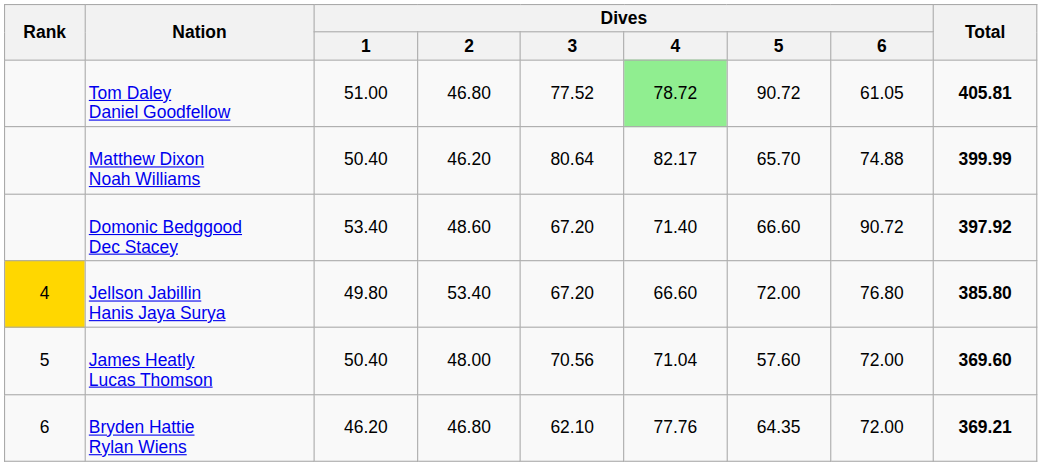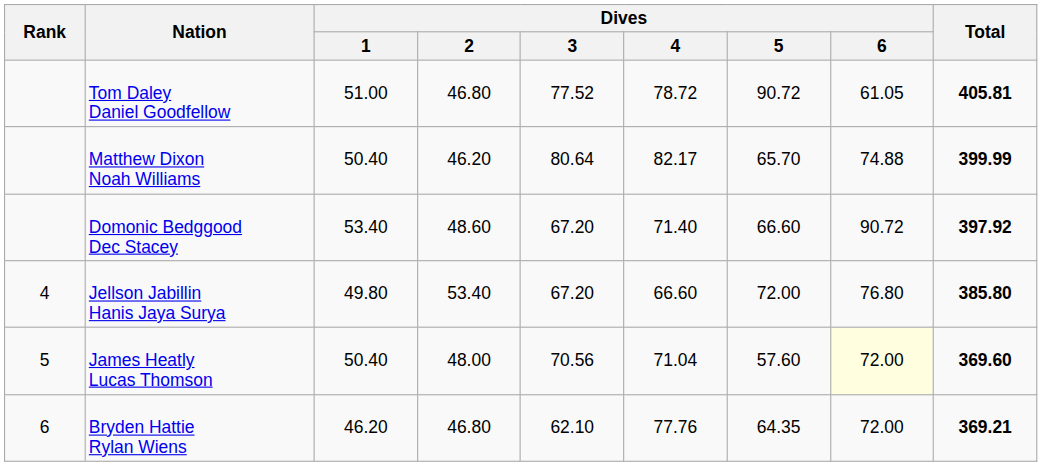 <table class="wikitable" width="75%">
 <tr>
 <th rowspan="2" width="7%">Rank</th>
 <th rowspan="2" width="20%">Nation</th>
 <th colspan="6">Dives</th>
 <th rowspan="2" width="9%">Total</th>
 </tr>
 <tr>
 <th width="9%">1</th>
 <th width="9%">2</th>
 <th width="9%">3</th>
 <th width="9%">4</th>
 <th width="9%">5</th>
 <th width="9%">6</th>
 </tr>
 <tr align=center>
 <td></td>
 <td align=left><br><a href='#'>Tom Daley</a><br><a href='#'>Daniel Goodfellow</a></td>
 <td>51.00</td>
 <td>46.80</td>
 <td>77.52</td>
-<td style="background: lightgreen;">78.72</td>
+<td>78.72</td>
 <td>90.72</td>
 <td>61.05</td>
 <td><strong>405.81</strong></td>
 </tr>
 <tr align=center>
 <td></td>
 <td align=left><br><a href='#'>Matthew Dixon</a><br><a href='#'>Noah Williams</a></td>
 <td>50.40</td>
 <td>46.20</td>
 <td>80.64</td>
 <td>82.17</td>
 <td>65.70</td>
 <td>74.88</td>
 <td><strong>399.99</strong></td>
 </tr>
 <tr align=center>
 <td></td>
 <td align=left><br><a href='#'>Domonic Bedggood</a><br><a href='#'>Dec Stacey</a></td>
 <td>53.40</td>
 <td>48.60</td>
 <td>67.20</td>
 <td>71.40</td>
 <td>66.60</td>
 <td>90.72</td>
 <td><strong>397.92</strong></td>
 </tr>
 <tr align=center>
-<td style="background: gold;">4</td>
+<td>4</td>
 <td align=left><br><a href='#'>Jellson Jabillin</a><br><a href='#'>Hanis Jaya Surya</a></td>
 <td>49.80</td>
 <td>53.40</td>
 <td>67.20</td>
 <td>66.60</td>
 <td>72.00</td>
 <td>76.80</td>
 <td><strong>385.80</strong></td>
 </tr>
 <tr align=center>
 <td>5</td>
 <td align=left><br><a href='#'>James Heatly</a><br><a href='#'>Lucas Thomson</a></td>
 <td>50.40</td>
 <td>48.00</td>
 <td>70.56</td>
 <td>71.04</td>
 <td>57.60</td>
-<td>72.00</td>
+<td style="background: lightyellow;">72.00</td>
 <td><strong>369.60</strong></td>
 </tr>
 <tr align=center>
 <td>6</td>
 <td align=left><br><a href='#'>Bryden Hattie</a><br><a href='#'>Rylan Wiens</a></td>
 <td>46.20</td>
 <td>46.80</td>
 <td>62.10</td>
 <td>77.76</td>
 <td>64.35</td>
 <td>72.00</td>
 <td><strong>369.21</strong></td>
 </tr>
 </table>
